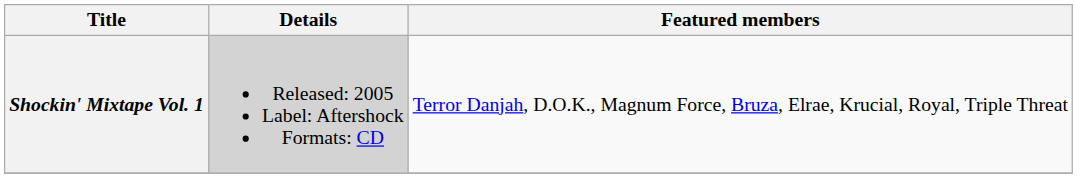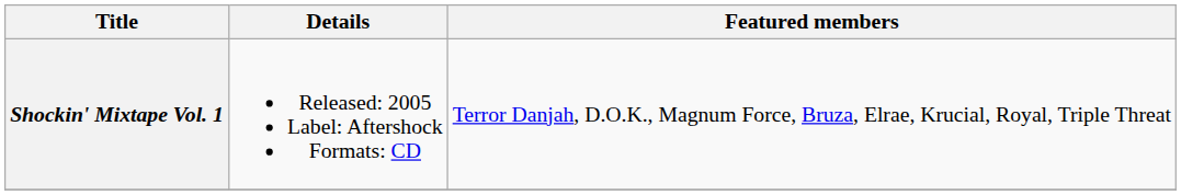 <table class="wikitable plainrowheaders" style="text-align:center;">
 <tr>
 <th scope="col">Title</th>
 <th scope="col">Details</th>
 <th scope="col">Featured members</th>
 </tr>
 <tr>
 <th scope="row"><em>Shockin' Mixtape Vol. 1</em></th>
-<td style="background: lightgrey;"><br><ul><li>Released: 2005</li><li>Label: Aftershock</li><li>Formats: <a href='#'>CD</a></li></ul></td>
+<td><br><ul><li>Released: 2005</li><li>Label: Aftershock</li><li>Formats: <a href='#'>CD</a></li></ul></td>
 <td><a href='#'>Terror Danjah</a>, D.O.K., Magnum Force, <a href='#'>Bruza</a>, Elrae, Krucial, Royal, Triple Threat</td>
 </tr>
 <tr>
 </tr>
 </table>
